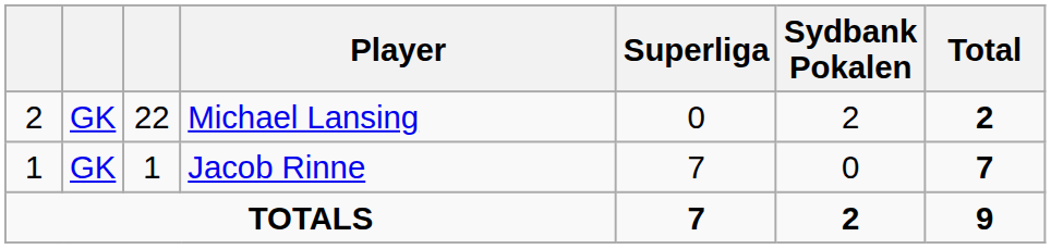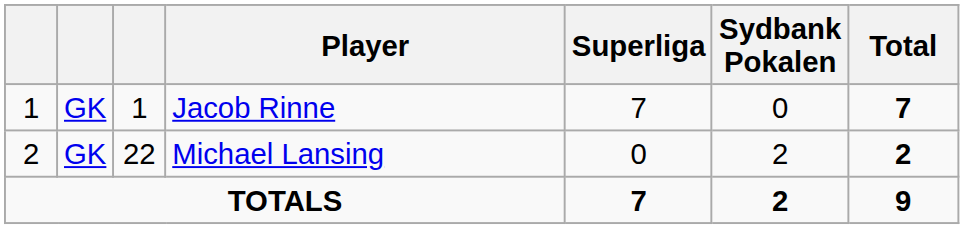 <table class="wikitable sortable" style="font-size: 95%; text-align: center;">
 <tr>
 <th width=20></th>
 <th width=20></th>
 <th width=20></th>
 <th width=200>Player</th>
 <th width=50>Superliga</th>
 <th width=50>Sydbank Pokalen</th>
 <th width=50>Total</th>
 </tr>
 <tr>
+<td rowspan=1>1</td>
+<td><a href='#'>GK</a></td>
+<td>1</td>
+<td align=left> <a href='#'>Jacob Rinne</a></td>
+<td>7</td>
+<td>0</td>
+<td><strong>7</strong></td>
+</tr>
+<tr>
 <td rowspan=1>2</td>
 <td><a href='#'>GK</a></td>
 <td>22</td>
 <td align=left> <a href='#'>Michael Lansing</a></td>
 <td>0</td>
 <td>2</td>
 <td><strong>2</strong></td>
 </tr>
 <tr>
-<td rowspan=1>1</td>
-<td><a href='#'>GK</a></td>
-<td>1</td>
-<td align=left> <a href='#'>Jacob Rinne</a></td>
-<td>7</td>
-<td>0</td>
-<td><strong>7</strong></td>
-</tr>
-<tr>
 <td colspan="4"><strong>TOTALS</strong></td>
 <td><strong>7</strong></td>
 <td><strong>2</strong></td>
 <td><strong>9</strong></td>
 </tr>
 </table>
